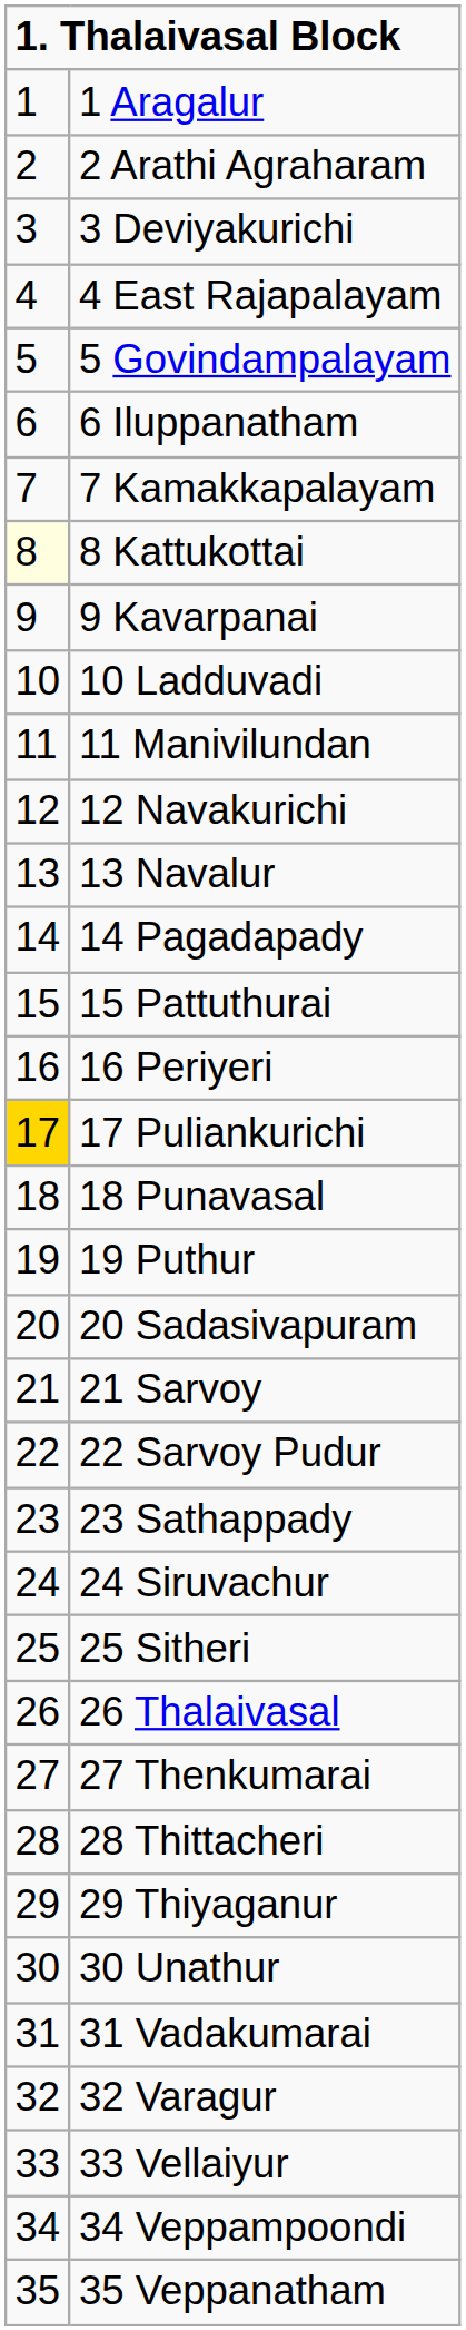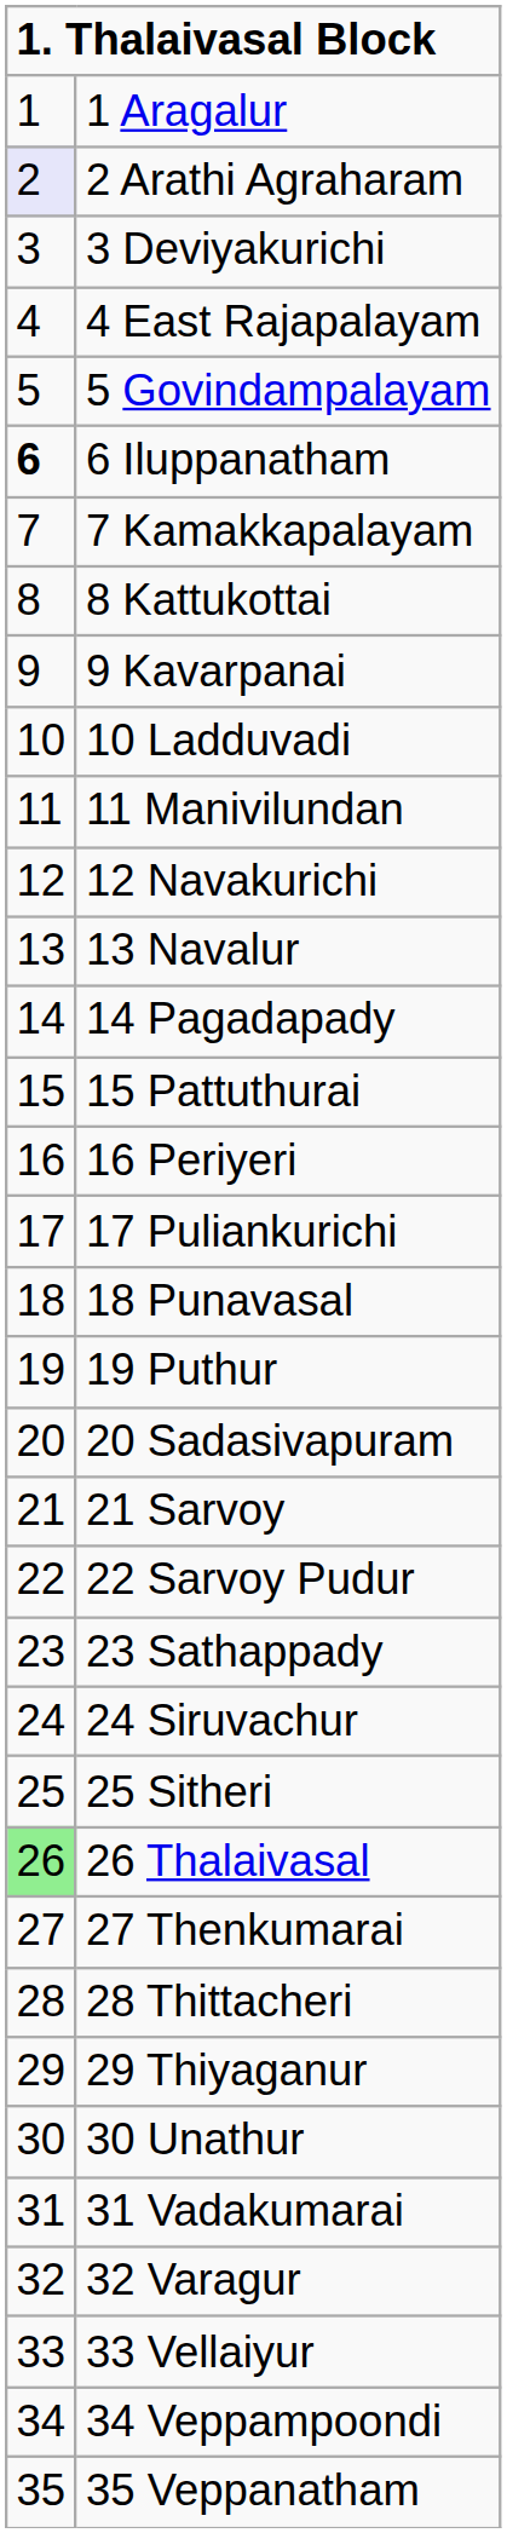 <table class="wikitable">
 <tr>
 <td colspan="2"><strong>1. Thalaivasal Block</strong></td>
 </tr>
 <tr>
 <td>1</td>
 <td>1 <a href='#'>Aragalur</a></td>
 </tr>
 <tr>
-<td>2</td>
+<td style="background: lavender;">2</td>
 <td>2 Arathi Agraharam</td>
 </tr>
 <tr>
 <td>3</td>
 <td>3 Deviyakurichi</td>
 </tr>
 <tr>
 <td>4</td>
 <td>4 East Rajapalayam</td>
 </tr>
 <tr>
 <td>5</td>
 <td>5 <a href='#'>Govindampalayam</a></td>
 </tr>
 <tr>
-<td>6</td>
+<td><strong>6</strong></td>
 <td>6 Iluppanatham</td>
 </tr>
 <tr>
 <td>7</td>
 <td>7 Kamakkapalayam</td>
 </tr>
 <tr>
-<td style="background: lightyellow;">8</td>
+<td>8</td>
 <td>8 Kattukottai</td>
 </tr>
 <tr>
 <td>9</td>
 <td>9 Kavarpanai</td>
 </tr>
 <tr>
 <td>10</td>
 <td>10 Ladduvadi</td>
 </tr>
 <tr>
 <td>11</td>
 <td>11 Manivilundan</td>
 </tr>
 <tr>
 <td>12</td>
 <td>12 Navakurichi</td>
 </tr>
 <tr>
 <td>13</td>
 <td>13 Navalur</td>
 </tr>
 <tr>
 <td>14</td>
 <td>14 Pagadapady</td>
 </tr>
 <tr>
 <td>15</td>
 <td>15 Pattuthurai</td>
 </tr>
 <tr>
 <td>16</td>
 <td>16 Periyeri</td>
 </tr>
 <tr>
-<td style="background: gold;">17</td>
+<td>17</td>
 <td>17 Puliankurichi</td>
 </tr>
 <tr>
 <td>18</td>
 <td>18 Punavasal</td>
 </tr>
 <tr>
 <td>19</td>
 <td>19 Puthur</td>
 </tr>
 <tr>
 <td>20</td>
 <td>20 Sadasivapuram</td>
 </tr>
 <tr>
 <td>21</td>
 <td>21 Sarvoy</td>
 </tr>
 <tr>
 <td>22</td>
 <td>22 Sarvoy Pudur</td>
 </tr>
 <tr>
 <td>23</td>
 <td>23 Sathappady</td>
 </tr>
 <tr>
 <td>24</td>
 <td>24 Siruvachur</td>
 </tr>
 <tr>
 <td>25</td>
 <td>25 Sitheri</td>
 </tr>
 <tr>
-<td>26</td>
+<td style="background: lightgreen;">26</td>
 <td>26 <a href='#'>Thalaivasal</a></td>
 </tr>
 <tr>
 <td>27</td>
 <td>27 Thenkumarai</td>
 </tr>
 <tr>
 <td>28</td>
 <td>28 Thittacheri</td>
 </tr>
 <tr>
 <td>29</td>
 <td>29 Thiyaganur</td>
 </tr>
 <tr>
 <td>30</td>
 <td>30 Unathur</td>
 </tr>
 <tr>
 <td>31</td>
 <td>31 Vadakumarai</td>
 </tr>
 <tr>
 <td>32</td>
 <td>32 Varagur</td>
 </tr>
 <tr>
 <td>33</td>
 <td>33 Vellaiyur</td>
 </tr>
 <tr>
 <td>34</td>
 <td>34 Veppampoondi</td>
 </tr>
 <tr>
 <td>35</td>
 <td>35 Veppanatham</td>
 </tr>
 </table>
